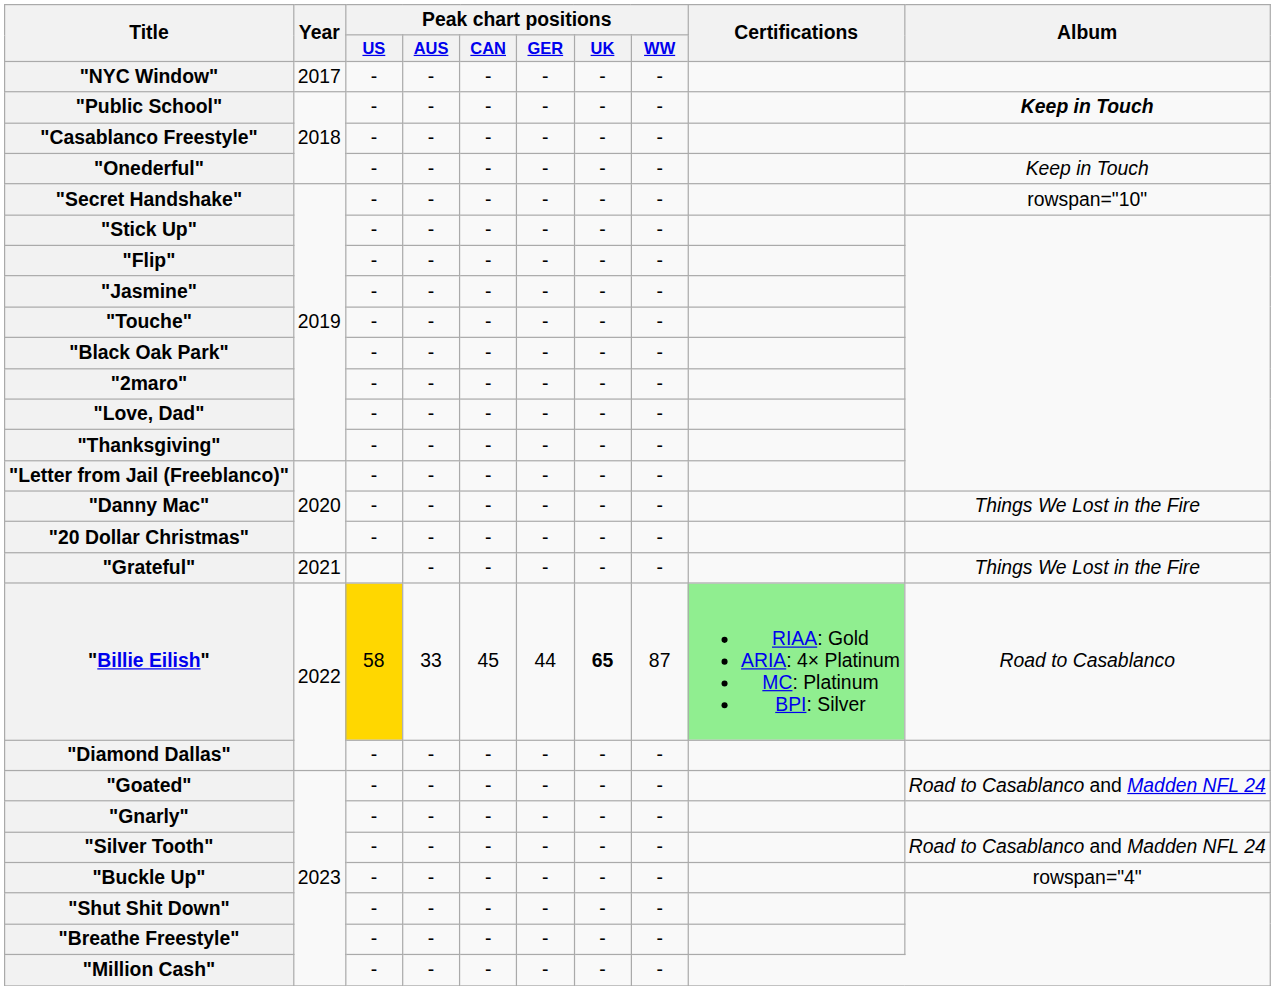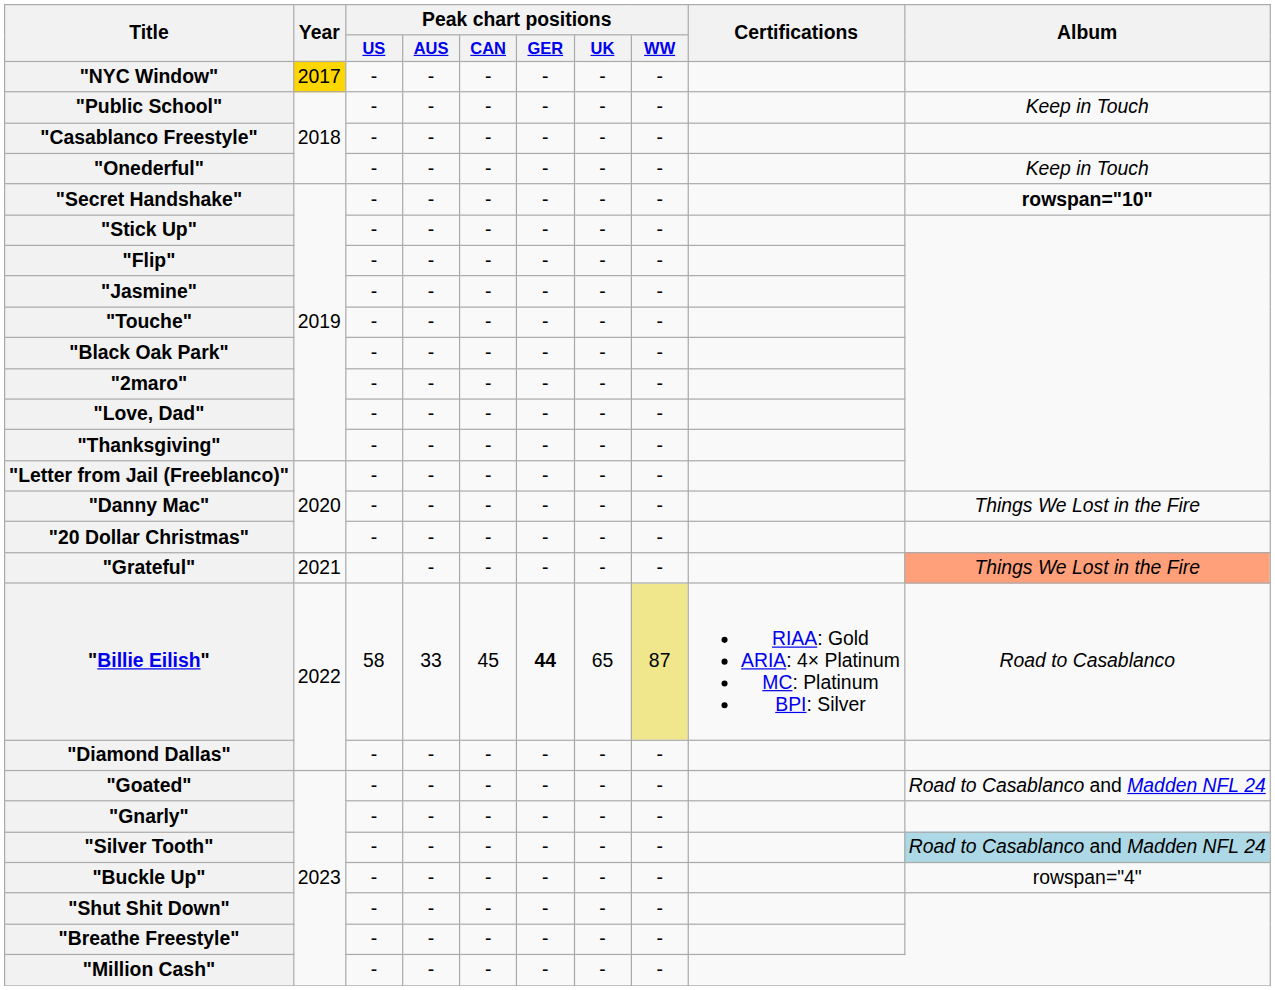 <table class="wikitable plainrowheaders" style="text-align:center;">
 <tr>
 <th scope="col" rowspan="2">Title</th>
 <th scope="col" rowspan="2">Year</th>
 <th scope="col" colspan="6">Peak chart positions</th>
 <th scope="col" rowspan="2">Certifications</th>
 <th scope="col" rowspan="2">Album</th>
 </tr>
 <tr>
 <th scope="col" style="width:3em;font-size:85%"><a href='#'>US</a><br></th>
 <th scope="col" style="width:3em;font-size:85%"><a href='#'>AUS</a><br></th>
 <th scope="col" style="width:3em;font-size:85%"><a href='#'>CAN</a><br></th>
 <th scope="col" style="width:3em;font-size:85%"><a href='#'>GER</a><br></th>
 <th scope="col" style="width:3em;font-size:85%"><a href='#'>UK</a><br></th>
 <th scope="col" style="width:3em;font-size:85%"><a href='#'>WW</a><br></th>
 </tr>
 <tr>
 <th scope="row">"NYC Window"</th>
-<td>2017</td>
+<td style="background: gold;">2017</td>
 <td>-</td>
 <td>-</td>
 <td>-</td>
 <td>-</td>
 <td>-</td>
 <td>-</td>
 <td></td>
 <td></td>
 </tr>
 <tr>
 <th scope="row">"Public School"</th>
 <td rowspan="3">2018</td>
 <td>-</td>
 <td>-</td>
 <td>-</td>
 <td>-</td>
 <td>-</td>
 <td>-</td>
 <td></td>
-<td><strong><em>Keep in Touch</em></strong></td>
+<td><em>Keep in Touch</em></td>
 </tr>
 <tr>
 <th scope="row">"Casablanco Freestyle"<br></th>
 <td>-</td>
 <td>-</td>
 <td>-</td>
 <td>-</td>
 <td>-</td>
 <td>-</td>
 <td></td>
 <td></td>
 </tr>
 <tr>
 <th scope="row">"Onederful"</th>
 <td>-</td>
 <td>-</td>
 <td>-</td>
 <td>-</td>
 <td>-</td>
 <td>-</td>
 <td></td>
 <td><em>Keep in Touch</em></td>
 </tr>
 <tr>
 <th scope="row">"Secret Handshake"</th>
 <td rowspan="9">2019</td>
 <td>-</td>
 <td>-</td>
 <td>-</td>
 <td>-</td>
 <td>-</td>
 <td>-</td>
 <td></td>
-<td>rowspan="10" </td>
+<td><strong>rowspan="10" </strong></td>
 </tr>
 <tr>
 <th scope="row">"Stick Up"</th>
 <td>-</td>
 <td>-</td>
 <td>-</td>
 <td>-</td>
 <td>-</td>
 <td>-</td>
 <td></td>
 </tr>
 <tr>
 <th scope="row">"Flip"</th>
 <td>-</td>
 <td>-</td>
 <td>-</td>
 <td>-</td>
 <td>-</td>
 <td>-</td>
 <td></td>
 </tr>
 <tr>
 <th scope="row">"Jasmine"</th>
 <td>-</td>
 <td>-</td>
 <td>-</td>
 <td>-</td>
 <td>-</td>
 <td>-</td>
 <td></td>
 </tr>
 <tr>
 <th scope="row">"Touche"</th>
 <td>-</td>
 <td>-</td>
 <td>-</td>
 <td>-</td>
 <td>-</td>
 <td>-</td>
 <td></td>
 </tr>
 <tr>
 <th scope="row">"Black Oak Park"</th>
 <td>-</td>
 <td>-</td>
 <td>-</td>
 <td>-</td>
 <td>-</td>
 <td>-</td>
 <td></td>
 </tr>
 <tr>
 <th scope="row">"2maro"</th>
 <td>-</td>
 <td>-</td>
 <td>-</td>
 <td>-</td>
 <td>-</td>
 <td>-</td>
 <td></td>
 </tr>
 <tr>
 <th scope="row">"Love, Dad"</th>
 <td>-</td>
 <td>-</td>
 <td>-</td>
 <td>-</td>
 <td>-</td>
 <td>-</td>
 <td></td>
 </tr>
 <tr>
 <th scope="row">"Thanksgiving"</th>
 <td>-</td>
 <td>-</td>
 <td>-</td>
 <td>-</td>
 <td>-</td>
 <td>-</td>
 <td></td>
 </tr>
 <tr>
 <th scope="row">"Letter from Jail (Freeblanco)"</th>
 <td rowspan="3">2020</td>
 <td>-</td>
 <td>-</td>
 <td>-</td>
 <td>-</td>
 <td>-</td>
 <td>-</td>
 <td></td>
 </tr>
 <tr>
 <th scope="row">"Danny Mac"</th>
 <td>-</td>
 <td>-</td>
 <td>-</td>
 <td>-</td>
 <td>-</td>
 <td>-</td>
 <td></td>
 <td><em>Things We Lost in the Fire</em></td>
 </tr>
 <tr>
 <th scope="row">"20 Dollar Christmas"<br></th>
 <td>-</td>
 <td>-</td>
 <td>-</td>
 <td>-</td>
 <td>-</td>
 <td>-</td>
 <td></td>
 <td></td>
 </tr>
 <tr>
 <th scope="row">"Grateful"</th>
 <td>2021</td>
 <td></td>
 <td>-</td>
 <td>-</td>
 <td>-</td>
 <td>-</td>
 <td>-</td>
 <td></td>
-<td><em>Things We Lost in the Fire</em></td>
+<td style="background: lightsalmon;"><em>Things We Lost in the Fire</em></td>
 </tr>
 <tr>
 <th scope="row">"<a href='#'>Billie Eilish</a>"</th>
 <td rowspan="2">2022</td>
-<td style="background: gold;">58</td>
+<td>58</td>
 <td>33</td>
 <td>45</td>
-<td>44</td>
-<td><strong>65</strong></td>
-<td>87</td>
-<td style="background: lightgreen;"><br><ul><li><a href='#'>RIAA</a>: Gold</li><li><a href='#'>ARIA</a>: 4× Platinum</li><li><a href='#'>MC</a>: Platinum</li><li><a href='#'>BPI</a>: Silver</li></ul></td>
+<td><strong>44</strong></td>
+<td>65</td>
+<td style="background: khaki;">87</td>
+<td><br><ul><li><a href='#'>RIAA</a>: Gold</li><li><a href='#'>ARIA</a>: 4× Platinum</li><li><a href='#'>MC</a>: Platinum</li><li><a href='#'>BPI</a>: Silver</li></ul></td>
 <td><em>Road to Casablanco</em></td>
 </tr>
 <tr>
 <th scope="row">"Diamond Dallas"</th>
 <td>-</td>
 <td>-</td>
 <td>-</td>
 <td>-</td>
 <td>-</td>
 <td>-</td>
 <td></td>
 <td></td>
 </tr>
 <tr>
 <th scope="row">"Goated"<br></th>
 <td rowspan="7">2023</td>
 <td>-</td>
 <td>-</td>
 <td>-</td>
 <td>-</td>
 <td>-</td>
 <td>-</td>
 <td></td>
 <td><em>Road to Casablanco</em> and <em><a href='#'>Madden NFL 24</a></em></td>
 </tr>
 <tr>
 <th scope="row">"Gnarly"<br></th>
 <td>-</td>
 <td>-</td>
 <td>-</td>
 <td>-</td>
 <td>-</td>
 <td>-</td>
 <td></td>
 <td></td>
 </tr>
 <tr>
 <th scope="row">"Silver Tooth"<br></th>
 <td>-</td>
 <td>-</td>
 <td>-</td>
 <td>-</td>
 <td>-</td>
 <td>-</td>
 <td></td>
-<td><em>Road to Casablanco</em> and <em>Madden NFL 24</em></td>
+<td style="background: lightblue;"><em>Road to Casablanco</em> and <em>Madden NFL 24</em></td>
 </tr>
 <tr>
 <th scope="row">"Buckle Up"<br></th>
 <td>-</td>
 <td>-</td>
 <td>-</td>
 <td>-</td>
 <td>-</td>
 <td>-</td>
 <td></td>
 <td>rowspan="4" </td>
 </tr>
 <tr>
 <th scope="row">"Shut Shit Down"<br></th>
 <td>-</td>
 <td>-</td>
 <td>-</td>
 <td>-</td>
 <td>-</td>
 <td>-</td>
 <td></td>
 </tr>
 <tr>
 <th scope="row">"Breathe Freestyle"</th>
 <td>-</td>
 <td>-</td>
 <td>-</td>
 <td>-</td>
 <td>-</td>
 <td>-</td>
 <td></td>
 </tr>
 <tr>
 <th scope="row">"Million Cash"<br></th>
 <td>-</td>
 <td>-</td>
 <td>-</td>
 <td>-</td>
 <td>-</td>
 <td>-</td>
 </tr>
 </table>
